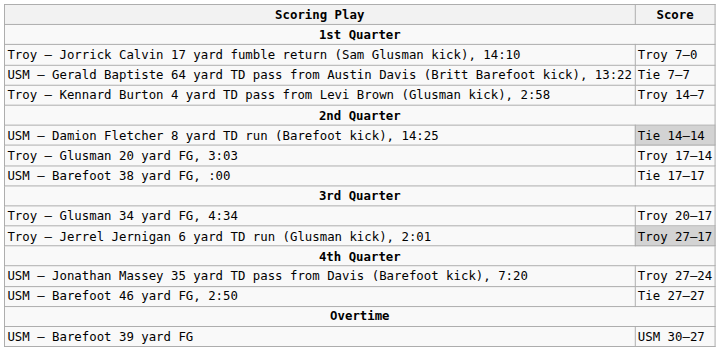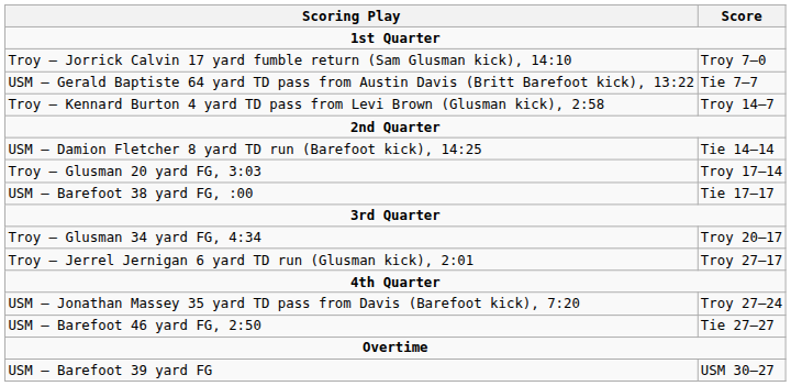 <table class="wikitable">
 <tr>
 <th>Scoring Play</th>
 <th>Score</th>
 </tr>
 <tr>
 <td colspan="4" align="center"><strong>1st Quarter</strong></td>
 </tr>
 <tr>
 <td>Troy – Jorrick Calvin 17 yard fumble return (Sam Glusman kick), 14:10</td>
 <td>Troy 7–0</td>
 </tr>
 <tr>
 <td>USM – Gerald Baptiste 64 yard TD pass from Austin Davis (Britt Barefoot kick), 13:22</td>
 <td>Tie 7–7</td>
 </tr>
 <tr>
 <td>Troy – Kennard Burton 4 yard TD pass from Levi Brown (Glusman kick), 2:58</td>
 <td>Troy 14–7</td>
 </tr>
 <tr>
 <td colspan="4" align="center"><strong>2nd Quarter</strong></td>
 </tr>
 <tr>
 <td>USM – Damion Fletcher 8 yard TD run (Barefoot kick), 14:25</td>
-<td style="background: lightgrey;">Tie 14–14</td>
+<td>Tie 14–14</td>
 </tr>
 <tr>
 <td>Troy – Glusman 20 yard FG, 3:03</td>
 <td>Troy 17–14</td>
 </tr>
 <tr>
 <td>USM – Barefoot 38 yard FG, :00</td>
 <td>Tie 17–17</td>
 </tr>
 <tr>
 <td colspan="4" align="center"><strong>3rd Quarter</strong></td>
 </tr>
 <tr>
 <td>Troy – Glusman 34 yard FG, 4:34</td>
 <td>Troy 20–17</td>
 </tr>
 <tr>
 <td>Troy – Jerrel Jernigan 6 yard TD run (Glusman kick), 2:01</td>
-<td style="background: lightgrey;">Troy 27–17</td>
+<td>Troy 27–17</td>
 </tr>
 <tr>
 <td colspan="4" align="center"><strong>4th Quarter</strong></td>
 </tr>
 <tr>
 <td>USM – Jonathan Massey 35 yard TD pass from Davis (Barefoot kick), 7:20</td>
 <td>Troy 27–24</td>
 </tr>
 <tr>
 <td>USM – Barefoot 46 yard FG, 2:50</td>
 <td>Tie 27–27</td>
 </tr>
 <tr>
 <td colspan="4" align="center"><strong>Overtime</strong></td>
 </tr>
 <tr>
 <td>USM – Barefoot 39 yard FG</td>
 <td>USM 30–27</td>
 </tr>
 </table>
